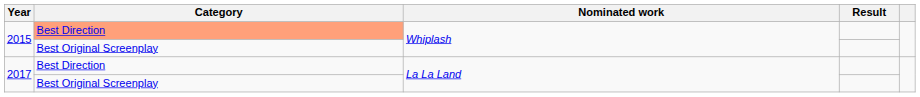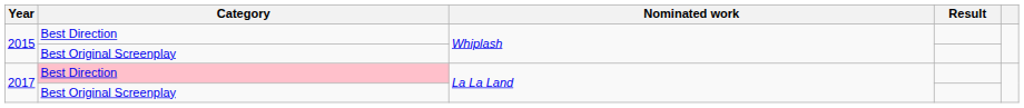 <table class=wikitable>
 <tr>
 <th scope="col" style="width:1em;">Year</th>
 <th scope="col" style="width:33em;">Category</th>
 <th scope="col" style="width:39em;">Nominated work</th>
 <th scope="col" style="width:5em;">Result</th>
 <th scope="col" style="width:1em;"></th>
 </tr>
 <tr>
 <td rowspan="2"><a href='#'>2015</a></td>
-<td style="background: lightsalmon;"><a href='#'>Best Direction</a></td>
+<td><a href='#'>Best Direction</a></td>
 <td rowspan="2"><em><a href='#'>Whiplash</a></em></td>
 <td></td>
 <td rowspan="2"></td>
 </tr>
 <tr>
 <td><a href='#'>Best Original Screenplay</a></td>
 <td></td>
 </tr>
 <tr>
 <td rowspan="2"><a href='#'>2017</a></td>
-<td><a href='#'>Best Direction</a></td>
+<td style="background: pink;"><a href='#'>Best Direction</a></td>
 <td rowspan="2"><em><a href='#'>La La Land</a></em></td>
 <td></td>
 <td rowspan="2"></td>
 </tr>
 <tr>
 <td><a href='#'>Best Original Screenplay</a></td>
 <td></td>
 </tr>
 </table>
